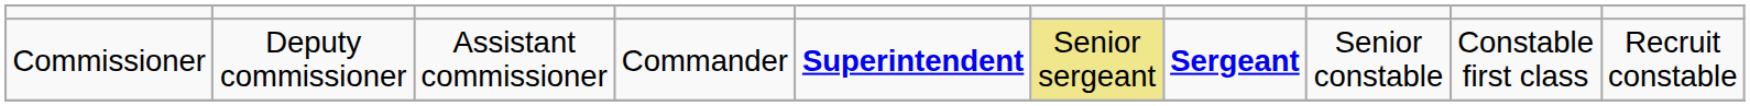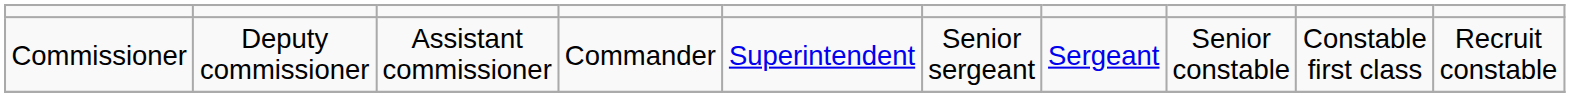 <table class="wikitable" style="text-align:center; padding:5px; font-size:85%; margin: 0px 12px 12px 0px;">
 <tr>
 <td></td>
 <td></td>
 <td></td>
 <td></td>
 <td></td>
 <td></td>
 <td></td>
 <td></td>
 <td></td>
 <td></td>
 </tr>
 <tr>
 <td>Commissioner</td>
 <td>Deputy<br>commissioner</td>
 <td>Assistant<br>commissioner</td>
 <td>Commander</td>
-<td><strong><a href='#'>Superintendent</a></strong></td>
-<td style="background: khaki;">Senior<br>sergeant</td>
-<td><strong><a href='#'>Sergeant</a></strong></td>
+<td><a href='#'>Superintendent</a></td>
+<td>Senior<br>sergeant</td>
+<td><a href='#'>Sergeant</a></td>
 <td>Senior<br>constable</td>
 <td>Constable<br>first class</td>
 <td>Recruit<br>constable</td>
 </tr>
 <tr>
 </tr>
 </table>
